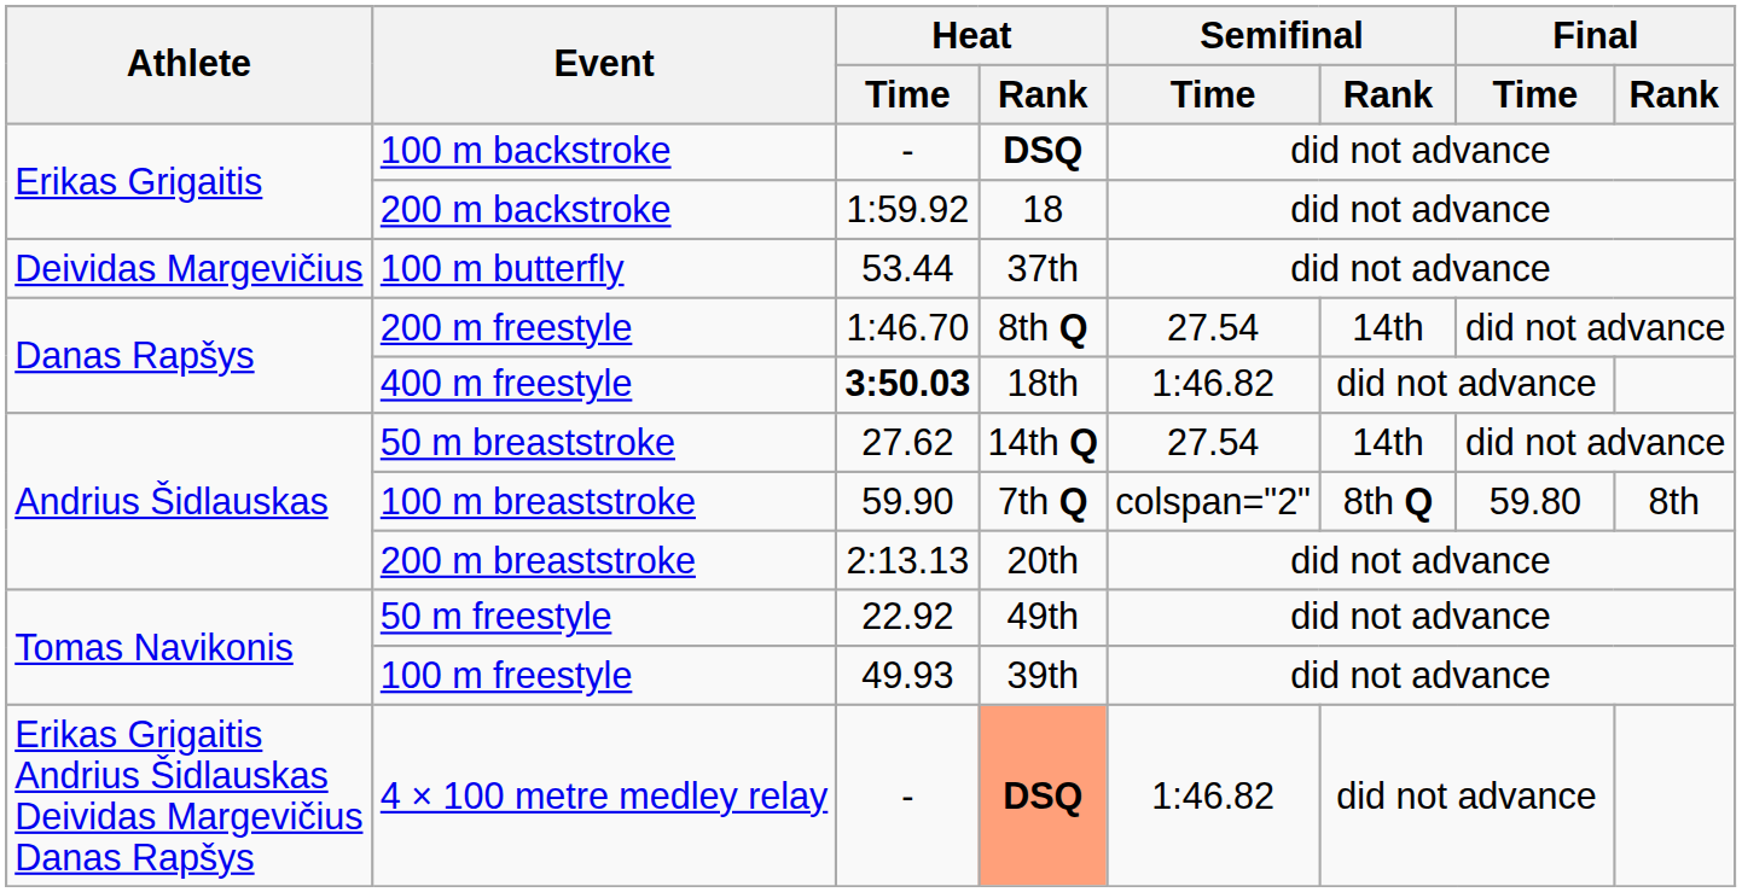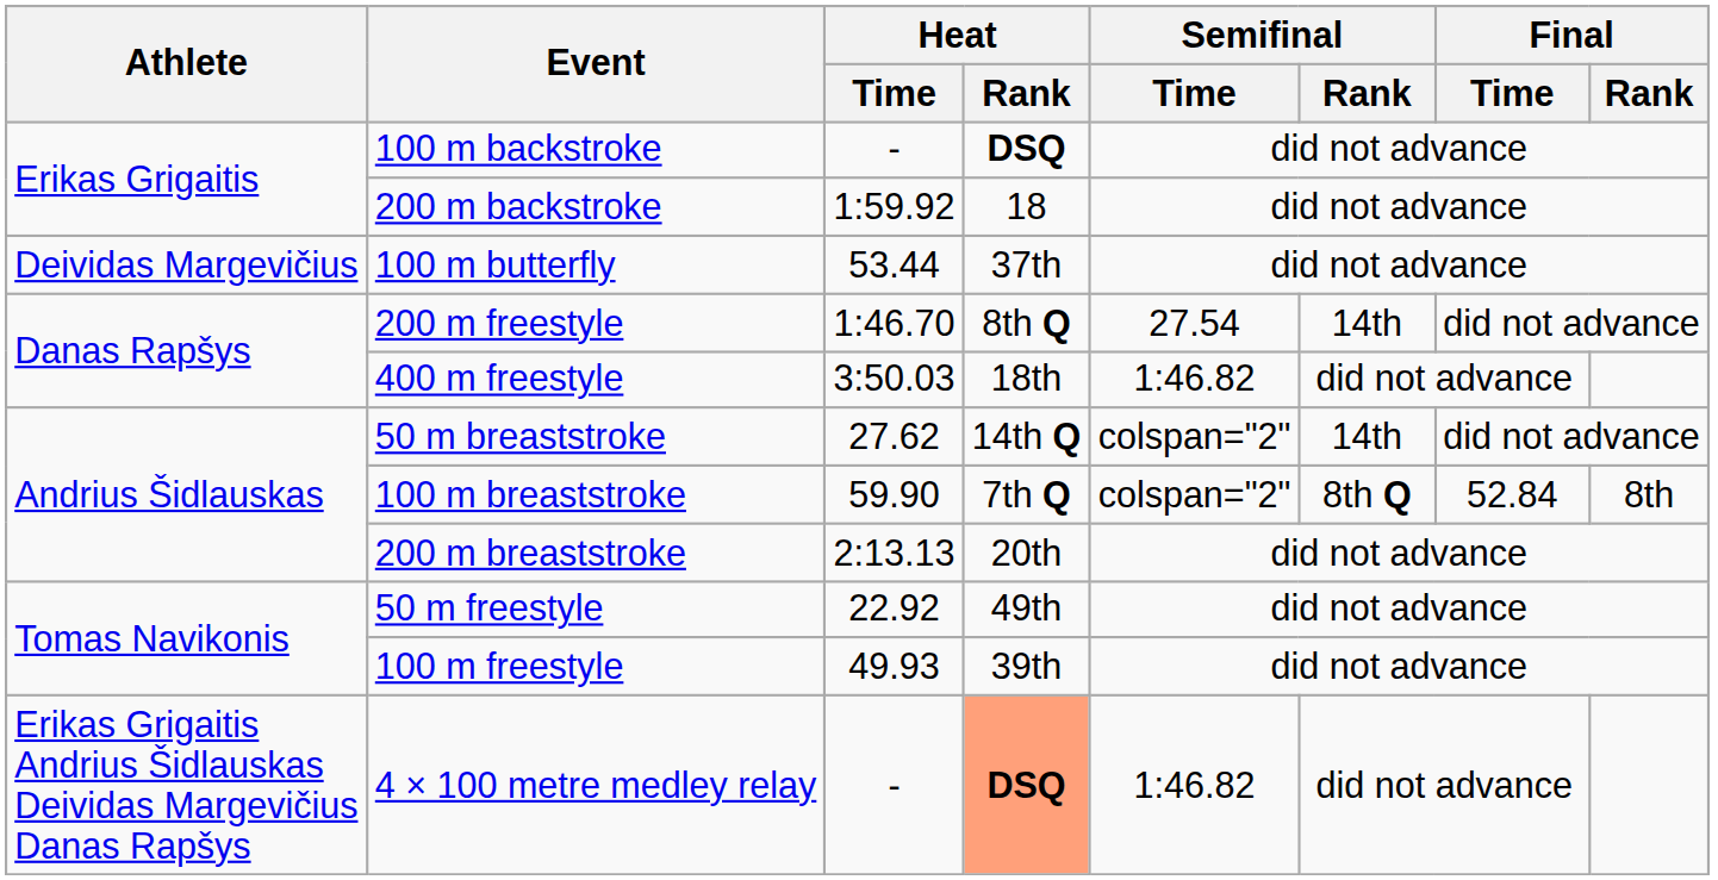 <table class="wikitable" style="font-size:90%;">
 <tr>
 <th rowspan="2">Athlete</th>
 <th rowspan="2">Event</th>
 <th colspan="2">Heat</th>
 <th colspan="2">Semifinal</th>
 <th colspan="2">Final</th>
 </tr>
 <tr>
 <th>Time</th>
 <th>Rank</th>
 <th>Time</th>
 <th>Rank</th>
 <th>Time</th>
 <th>Rank</th>
 </tr>
 <tr align="center">
 <td rowspan="2" align="left"><a href='#'>Erikas Grigaitis</a></td>
 <td align="left"><a href='#'>100 m backstroke</a></td>
 <td>-</td>
 <td><strong>DSQ</strong></td>
 <td colspan=4>did not advance</td>
 </tr>
 <tr align="center">
 <td align="left"><a href='#'>200 m backstroke</a></td>
 <td>1:59.92</td>
 <td>18</td>
 <td colspan=4>did not advance</td>
 </tr>
 <tr align="center">
 <td align="left"><a href='#'>Deividas Margevičius</a></td>
 <td align="left"><a href='#'>100 m butterfly</a></td>
 <td>53.44</td>
 <td>37th</td>
 <td colspan=4>did not advance</td>
 </tr>
 <tr align="center">
 <td align="left" rowspan=2><a href='#'>Danas Rapšys</a></td>
 <td align="left"><a href='#'>200 m freestyle</a></td>
 <td>1:46.70</td>
 <td>8th <strong>Q</strong></td>
 <td>27.54</td>
 <td>14th</td>
 <td colspan=2>did not advance</td>
 </tr>
 <tr align="center">
 <td align="left"><a href='#'>400 m freestyle</a></td>
-<td><strong>3:50.03</strong></td>
+<td>3:50.03</td>
 <td>18th</td>
 <td>1:46.82</td>
 <td colspan=2>did not advance</td>
 </tr>
 <tr align="center">
 <td rowspan="3" align="left"><a href='#'>Andrius Šidlauskas</a></td>
 <td align="left"><a href='#'>50 m breaststroke</a></td>
 <td>27.62</td>
 <td>14th <strong>Q</strong></td>
-<td>27.54</td>
+<td>colspan="2" </td>
 <td>14th</td>
 <td colspan=2>did not advance</td>
 </tr>
 <tr align="center">
 <td align="left"><a href='#'>100 m breaststroke</a></td>
 <td>59.90</td>
 <td>7th <strong>Q</strong></td>
 <td>colspan="2" </td>
 <td>8th <strong>Q</strong></td>
-<td>59.80</td>
+<td>52.84</td>
 <td>8th</td>
 </tr>
 <tr align="center">
 <td align="left"><a href='#'>200 m breaststroke</a></td>
 <td>2:13.13</td>
 <td>20th</td>
 <td colspan=4>did not advance</td>
 </tr>
 <tr align="center">
 <td rowspan="2" align="left"><a href='#'>Tomas Navikonis</a></td>
 <td align="left"><a href='#'>50 m freestyle</a></td>
 <td>22.92</td>
 <td>49th</td>
 <td colspan=4>did not advance</td>
 </tr>
 <tr align="center">
 <td align="left"><a href='#'>100 m freestyle</a></td>
 <td>49.93</td>
 <td>39th</td>
 <td colspan=4>did not advance</td>
 </tr>
 <tr align="center">
 <td align="left"><a href='#'>Erikas Grigaitis</a><br><a href='#'>Andrius Šidlauskas</a><br><a href='#'>Deividas Margevičius</a><br><a href='#'>Danas Rapšys</a></td>
 <td align="left"><a href='#'>4 × 100 metre medley relay</a></td>
 <td>-</td>
 <td style="background: lightsalmon;"><strong>DSQ</strong></td>
 <td>1:46.82</td>
 <td colspan=2>did not advance</td>
 </tr>
 </table>
